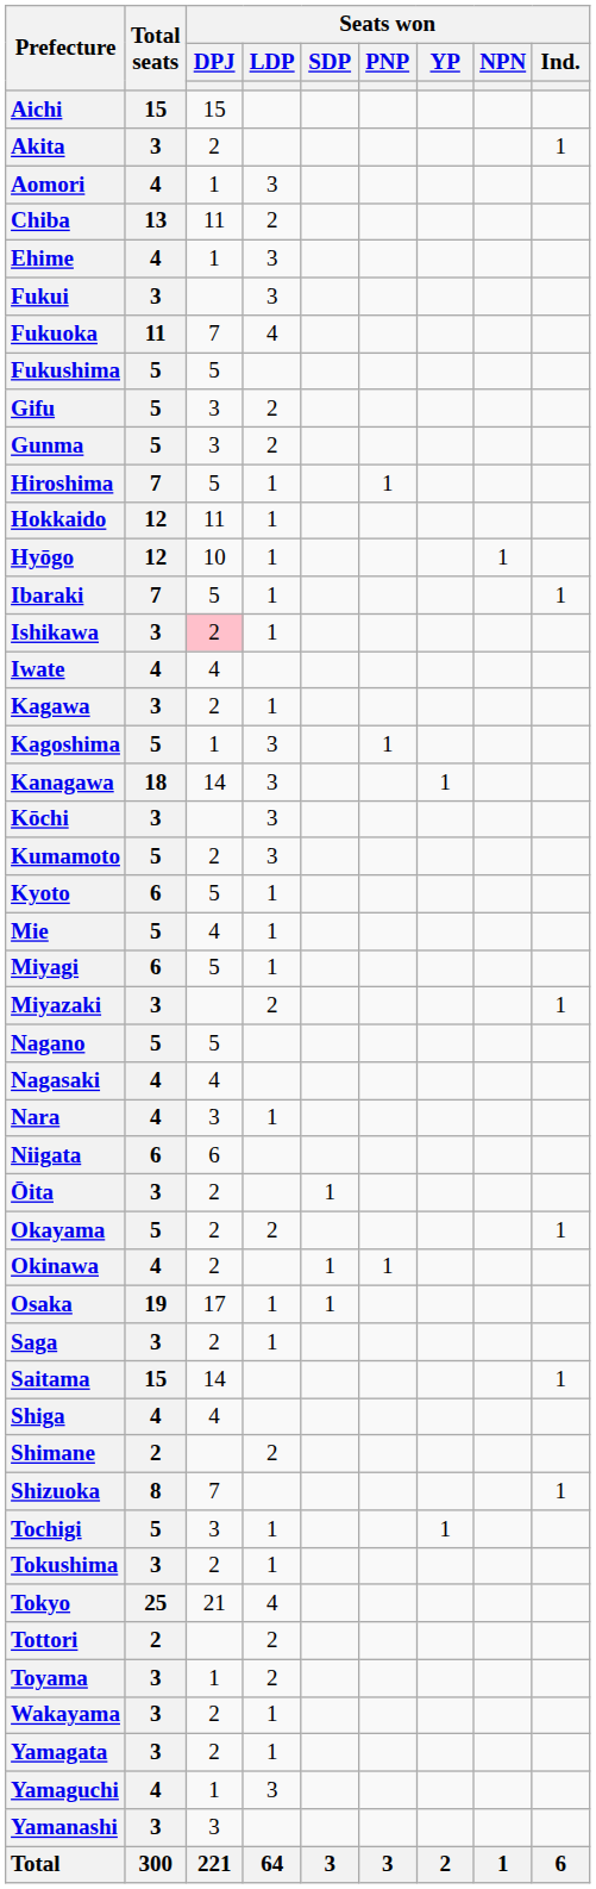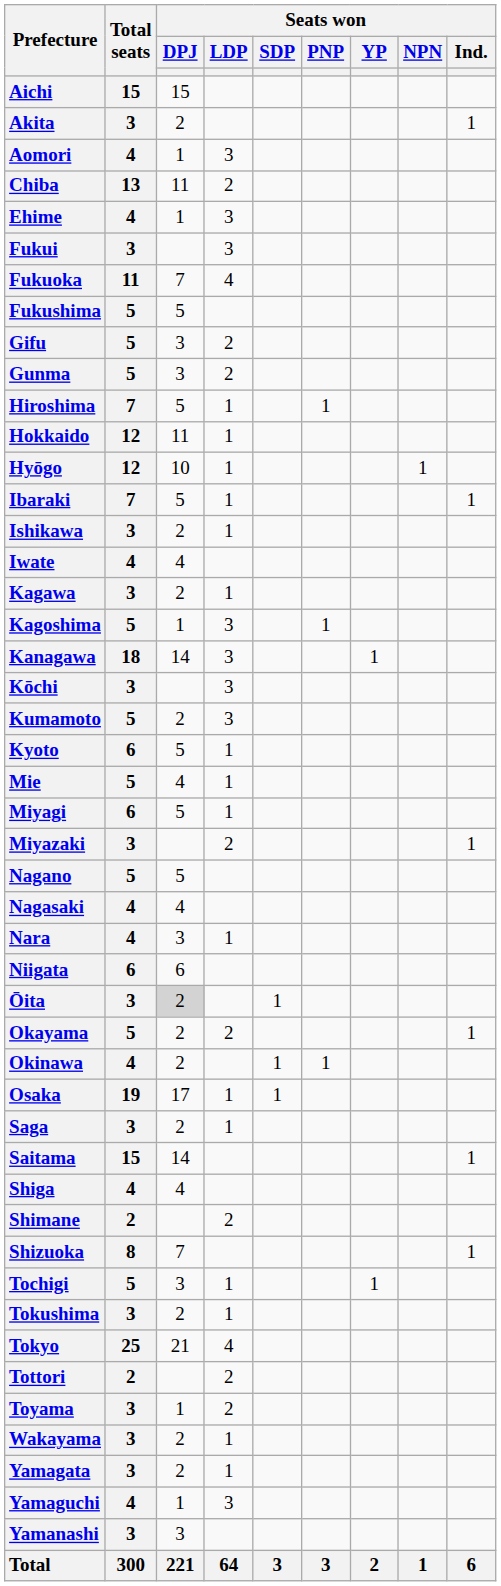 <table class="wikitable" style="text-align:center; font-size: 0.9em;">
 <tr>
 <th rowspan="3">Prefecture</th>
 <th rowspan="3">Total<br>seats</th>
 <th colspan="7">Seats won</th>
 </tr>
 <tr>
 <th class="unsortable" style="width:30px;"><a href='#'>DPJ</a></th>
 <th class="unsortable" style="width:30px;"><a href='#'>LDP</a></th>
 <th class="unsortable" style="width:30px;"><a href='#'>SDP</a></th>
 <th class="unsortable" style="width:30px;"><a href='#'>PNP</a></th>
 <th class="unsortable" style="width:30px;"><a href='#'>YP</a></th>
 <th class="unsortable" style="width:30px;"><a href='#'>NPN</a></th>
 <th class="unsortable" style="width:30px;">Ind.</th>
 </tr>
 <tr>
 <th style="background:"></th>
 <th style="background:"></th>
 <th style="background:"></th>
 <th style="background:"></th>
 <th style="background:"></th>
 <th style="background:"></th>
 <th style="background:"></th>
 </tr>
 <tr>
 <th style="text-align: left;"><a href='#'>Aichi</a></th>
 <th>15</th>
 <td>15</td>
 <td></td>
 <td></td>
 <td></td>
 <td></td>
 <td></td>
 <td></td>
 </tr>
 <tr>
 <th style="text-align: left;"><a href='#'>Akita</a></th>
 <th>3</th>
 <td>2</td>
 <td></td>
 <td></td>
 <td></td>
 <td></td>
 <td></td>
 <td>1</td>
 </tr>
 <tr>
 <th style="text-align: left;"><a href='#'>Aomori</a></th>
 <th>4</th>
 <td>1</td>
 <td>3</td>
 <td></td>
 <td></td>
 <td></td>
 <td></td>
 <td></td>
 </tr>
 <tr>
 <th style="text-align: left;"><a href='#'>Chiba</a></th>
 <th>13</th>
 <td>11</td>
 <td>2</td>
 <td></td>
 <td></td>
 <td></td>
 <td></td>
 <td></td>
 </tr>
 <tr>
 <th style="text-align: left;"><a href='#'>Ehime</a></th>
 <th>4</th>
 <td>1</td>
 <td>3</td>
 <td></td>
 <td></td>
 <td></td>
 <td></td>
 <td></td>
 </tr>
 <tr>
 <th style="text-align: left;"><a href='#'>Fukui</a></th>
 <th>3</th>
 <td></td>
 <td>3</td>
 <td></td>
 <td></td>
 <td></td>
 <td></td>
 <td></td>
 </tr>
 <tr>
 <th style="text-align: left;"><a href='#'>Fukuoka</a></th>
 <th>11</th>
 <td>7</td>
 <td>4</td>
 <td></td>
 <td></td>
 <td></td>
 <td></td>
 <td></td>
 </tr>
 <tr>
 <th style="text-align: left;"><a href='#'>Fukushima</a></th>
 <th>5</th>
 <td>5</td>
 <td></td>
 <td></td>
 <td></td>
 <td></td>
 <td></td>
 <td></td>
 </tr>
 <tr>
 <th style="text-align: left;"><a href='#'>Gifu</a></th>
 <th>5</th>
 <td>3</td>
 <td>2</td>
 <td></td>
 <td></td>
 <td></td>
 <td></td>
 <td></td>
 </tr>
 <tr>
 <th style="text-align: left;"><a href='#'>Gunma</a></th>
 <th>5</th>
 <td>3</td>
 <td>2</td>
 <td></td>
 <td></td>
 <td></td>
 <td></td>
 <td></td>
 </tr>
 <tr>
 <th style="text-align: left;"><a href='#'>Hiroshima</a></th>
 <th>7</th>
 <td>5</td>
 <td>1</td>
 <td></td>
 <td>1</td>
 <td></td>
 <td></td>
 <td></td>
 </tr>
 <tr>
 <th style="text-align: left;"><a href='#'>Hokkaido</a></th>
 <th>12</th>
 <td>11</td>
 <td>1</td>
 <td></td>
 <td></td>
 <td></td>
 <td></td>
 <td></td>
 </tr>
 <tr>
 <th style="text-align: left;"><a href='#'>Hyōgo</a></th>
 <th>12</th>
 <td>10</td>
 <td>1</td>
 <td></td>
 <td></td>
 <td></td>
 <td>1</td>
 <td></td>
 </tr>
 <tr>
 <th style="text-align: left;"><a href='#'>Ibaraki</a></th>
 <th>7</th>
 <td>5</td>
 <td>1</td>
 <td></td>
 <td></td>
 <td></td>
 <td></td>
 <td>1</td>
 </tr>
 <tr>
 <th style="text-align: left;"><a href='#'>Ishikawa</a></th>
 <th>3</th>
-<td style="background: pink;">2</td>
+<td>2</td>
 <td>1</td>
 <td></td>
 <td></td>
 <td></td>
 <td></td>
 <td></td>
 </tr>
 <tr>
 <th style="text-align: left;"><a href='#'>Iwate</a></th>
 <th>4</th>
 <td>4</td>
 <td></td>
 <td></td>
 <td></td>
 <td></td>
 <td></td>
 <td></td>
 </tr>
 <tr>
 <th style="text-align: left;"><a href='#'>Kagawa</a></th>
 <th>3</th>
 <td>2</td>
 <td>1</td>
 <td></td>
 <td></td>
 <td></td>
 <td></td>
 <td></td>
 </tr>
 <tr>
 <th style="text-align: left;"><a href='#'>Kagoshima</a></th>
 <th>5</th>
 <td>1</td>
 <td>3</td>
 <td></td>
 <td>1</td>
 <td></td>
 <td></td>
 <td></td>
 </tr>
 <tr>
 <th style="text-align: left;"><a href='#'>Kanagawa</a></th>
 <th>18</th>
 <td>14</td>
 <td>3</td>
 <td></td>
 <td></td>
 <td>1</td>
 <td></td>
 <td></td>
 </tr>
 <tr>
 <th style="text-align: left;"><a href='#'>Kōchi</a></th>
 <th>3</th>
 <td></td>
 <td>3</td>
 <td></td>
 <td></td>
 <td></td>
 <td></td>
 <td></td>
 </tr>
 <tr>
 <th style="text-align: left;"><a href='#'>Kumamoto</a></th>
 <th>5</th>
 <td>2</td>
 <td>3</td>
 <td></td>
 <td></td>
 <td></td>
 <td></td>
 <td></td>
 </tr>
 <tr>
 <th style="text-align: left;"><a href='#'>Kyoto</a></th>
 <th>6</th>
 <td>5</td>
 <td>1</td>
 <td></td>
 <td></td>
 <td></td>
 <td></td>
 <td></td>
 </tr>
 <tr>
 <th style="text-align: left;"><a href='#'>Mie</a></th>
 <th>5</th>
 <td>4</td>
 <td>1</td>
 <td></td>
 <td></td>
 <td></td>
 <td></td>
 <td></td>
 </tr>
 <tr>
 <th style="text-align: left;"><a href='#'>Miyagi</a></th>
 <th>6</th>
 <td>5</td>
 <td>1</td>
 <td></td>
 <td></td>
 <td></td>
 <td></td>
 <td></td>
 </tr>
 <tr>
 <th style="text-align: left;"><a href='#'>Miyazaki</a></th>
 <th>3</th>
 <td></td>
 <td>2</td>
 <td></td>
 <td></td>
 <td></td>
 <td></td>
 <td>1</td>
 </tr>
 <tr>
 <th style="text-align: left;"><a href='#'>Nagano</a></th>
 <th>5</th>
 <td>5</td>
 <td></td>
 <td></td>
 <td></td>
 <td></td>
 <td></td>
 <td></td>
 </tr>
 <tr>
 <th style="text-align: left;"><a href='#'>Nagasaki</a></th>
 <th>4</th>
 <td>4</td>
 <td></td>
 <td></td>
 <td></td>
 <td></td>
 <td></td>
 <td></td>
 </tr>
 <tr>
 <th style="text-align: left;"><a href='#'>Nara</a></th>
 <th>4</th>
 <td>3</td>
 <td>1</td>
 <td></td>
 <td></td>
 <td></td>
 <td></td>
 <td></td>
 </tr>
 <tr>
 <th style="text-align: left;"><a href='#'>Niigata</a></th>
 <th>6</th>
 <td>6</td>
 <td></td>
 <td></td>
 <td></td>
 <td></td>
 <td></td>
 <td></td>
 </tr>
 <tr>
 <th style="text-align: left;"><a href='#'>Ōita</a></th>
 <th>3</th>
-<td>2</td>
+<td style="background: lightgrey;">2</td>
 <td></td>
 <td>1</td>
 <td></td>
 <td></td>
 <td></td>
 <td></td>
 </tr>
 <tr>
 <th style="text-align: left;"><a href='#'>Okayama</a></th>
 <th>5</th>
 <td>2</td>
 <td>2</td>
 <td></td>
 <td></td>
 <td></td>
 <td></td>
 <td>1</td>
 </tr>
 <tr>
 <th style="text-align: left;"><a href='#'>Okinawa</a></th>
 <th>4</th>
 <td>2</td>
 <td></td>
 <td>1</td>
 <td>1</td>
 <td></td>
 <td></td>
 <td></td>
 </tr>
 <tr>
 <th style="text-align: left;"><a href='#'>Osaka</a></th>
 <th>19</th>
 <td>17</td>
 <td>1</td>
 <td>1</td>
 <td></td>
 <td></td>
 <td></td>
 <td></td>
 </tr>
 <tr>
 <th style="text-align: left;"><a href='#'>Saga</a></th>
 <th>3</th>
 <td>2</td>
 <td>1</td>
 <td></td>
 <td></td>
 <td></td>
 <td></td>
 <td></td>
 </tr>
 <tr>
 <th style="text-align: left;"><a href='#'>Saitama</a></th>
 <th>15</th>
 <td>14</td>
 <td></td>
 <td></td>
 <td></td>
 <td></td>
 <td></td>
 <td>1</td>
 </tr>
 <tr>
 <th style="text-align: left;"><a href='#'>Shiga</a></th>
 <th>4</th>
 <td>4</td>
 <td></td>
 <td></td>
 <td></td>
 <td></td>
 <td></td>
 <td></td>
 </tr>
 <tr>
 <th style="text-align: left;"><a href='#'>Shimane</a></th>
 <th>2</th>
 <td></td>
 <td>2</td>
 <td></td>
 <td></td>
 <td></td>
 <td></td>
 <td></td>
 </tr>
 <tr>
 <th style="text-align: left;"><a href='#'>Shizuoka</a></th>
 <th>8</th>
 <td>7</td>
 <td></td>
 <td></td>
 <td></td>
 <td></td>
 <td></td>
 <td>1</td>
 </tr>
 <tr>
 <th style="text-align: left;"><a href='#'>Tochigi</a></th>
 <th>5</th>
 <td>3</td>
 <td>1</td>
 <td></td>
 <td></td>
 <td>1</td>
 <td></td>
 <td></td>
 </tr>
 <tr>
 <th style="text-align: left;"><a href='#'>Tokushima</a></th>
 <th>3</th>
 <td>2</td>
 <td>1</td>
 <td></td>
 <td></td>
 <td></td>
 <td></td>
 <td></td>
 </tr>
 <tr>
 <th style="text-align: left;"><a href='#'>Tokyo</a></th>
 <th>25</th>
 <td>21</td>
 <td>4</td>
 <td></td>
 <td></td>
 <td></td>
 <td></td>
 <td></td>
 </tr>
 <tr>
 <th style="text-align: left;"><a href='#'>Tottori</a></th>
 <th>2</th>
 <td></td>
 <td>2</td>
 <td></td>
 <td></td>
 <td></td>
 <td></td>
 <td></td>
 </tr>
 <tr>
 <th style="text-align: left;"><a href='#'>Toyama</a></th>
 <th>3</th>
 <td>1</td>
 <td>2</td>
 <td></td>
 <td></td>
 <td></td>
 <td></td>
 <td></td>
 </tr>
 <tr>
 <th style="text-align: left;"><a href='#'>Wakayama</a></th>
 <th>3</th>
 <td>2</td>
 <td>1</td>
 <td></td>
 <td></td>
 <td></td>
 <td></td>
 <td></td>
 </tr>
 <tr>
 <th style="text-align: left;"><a href='#'>Yamagata</a></th>
 <th>3</th>
 <td>2</td>
 <td>1</td>
 <td></td>
 <td></td>
 <td></td>
 <td></td>
 <td></td>
 </tr>
 <tr>
 <th style="text-align: left;"><a href='#'>Yamaguchi</a></th>
 <th>4</th>
 <td>1</td>
 <td>3</td>
 <td></td>
 <td></td>
 <td></td>
 <td></td>
 <td></td>
 </tr>
 <tr>
 <th style="text-align: left;"><a href='#'>Yamanashi</a></th>
 <th>3</th>
 <td>3</td>
 <td></td>
 <td></td>
 <td></td>
 <td></td>
 <td></td>
 <td></td>
 </tr>
 <tr class="sortbottom">
 <th style="text-align: left;">Total</th>
 <th>300</th>
 <th>221</th>
 <th>64</th>
 <th>3</th>
 <th>3</th>
 <th>2</th>
 <th>1</th>
 <th>6</th>
 </tr>
 </table>
